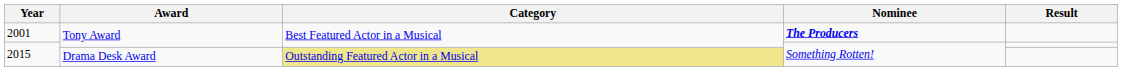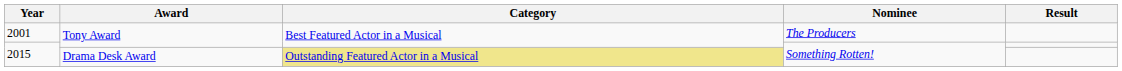 <table class="wikitable" style="width:95%;">
 <tr>
 <th style="width:5%;">Year</th>
 <th style="width:20%;">Award</th>
 <th style="width:45%;">Category</th>
 <th style="width:20%;">Nominee</th>
 <th style="width:10%;">Result</th>
 </tr>
 <tr>
 <td>2001</td>
 <td rowspan="2"><a href='#'>Tony Award</a></td>
 <td rowspan="2"><a href='#'>Best Featured Actor in a Musical</a></td>
-<td><strong><em><a href='#'>The Producers</a></em></strong></td>
+<td><em><a href='#'>The Producers</a></em></td>
 <td></td>
 </tr>
 <tr>
 <td rowspan="2">2015</td>
 <td rowspan="2"><em><a href='#'>Something Rotten!</a></em></td>
 <td></td>
 </tr>
 <tr>
 <td><a href='#'>Drama Desk Award</a></td>
 <td style="background: khaki;"><a href='#'>Outstanding Featured Actor in a Musical</a></td>
 <td></td>
 </tr>
 </table>
